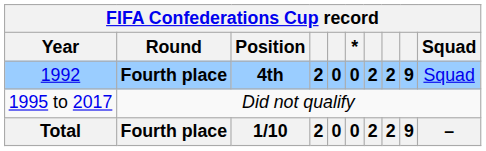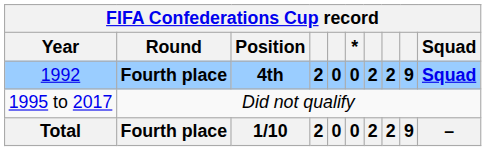 <table class="wikitable" style="text-align: center">
 <tr>
 <th colspan=10><a href='#'>FIFA Confederations Cup</a> record</th>
 </tr>
 <tr>
 <th>Year</th>
 <th>Round</th>
 <th>Position</th>
 <th></th>
 <th></th>
 <th>*</th>
 <th></th>
 <th></th>
 <th></th>
 <th>Squad</th>
 </tr>
 <tr bgcolor=#9acdff>
 <td> <a href='#'>1992</a></td>
 <td><strong>Fourth place</strong></td>
 <td><strong>4th</strong></td>
 <td><strong>2</strong></td>
 <td><strong>0</strong></td>
 <td><strong>0</strong></td>
 <td><strong>2</strong></td>
 <td><strong>2</strong></td>
 <td><strong>9</strong></td>
-<td><a href='#'>Squad</a></td>
+<td><strong><a href='#'>Squad</a></strong></td>
 </tr>
 <tr>
 <td> <a href='#'>1995</a> to  <a href='#'>2017</a></td>
 <td colspan=9><em>Did not qualify</em></td>
 </tr>
 <tr>
 <th>Total</th>
 <th>Fourth place</th>
 <th>1/10</th>
 <th>2</th>
 <th>0</th>
 <th>0</th>
 <th>2</th>
 <th>2</th>
 <th>9</th>
 <th>–</th>
 </tr>
 </table>
